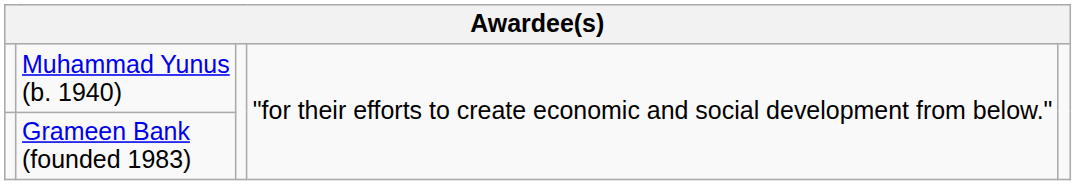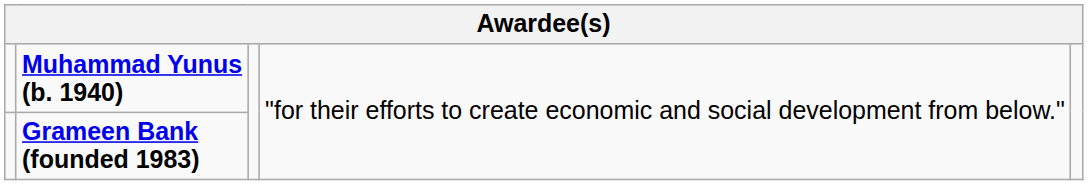 <table class="wikitable">
 <tr>
 <th colspan="5">Awardee(s)</th>
 </tr>
 <tr>
 <td></td>
-<td><a href='#'>Muhammad Yunus</a><br>(b. 1940)</td>
+<td><strong><a href='#'>Muhammad Yunus</a><br>(b. 1940)</strong></td>
 <td rowspan="2"></td>
 <td rowspan="2">"for their efforts to create economic and social development from below."</td>
 <td rowspan="2"></td>
 </tr>
 <tr>
 <td></td>
-<td><a href='#'>Grameen Bank</a><br>(founded 1983)</td>
+<td><strong><a href='#'>Grameen Bank</a><br>(founded 1983)</strong></td>
 </tr>
 </table>
